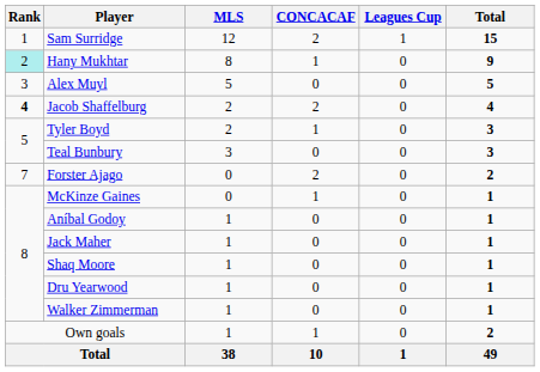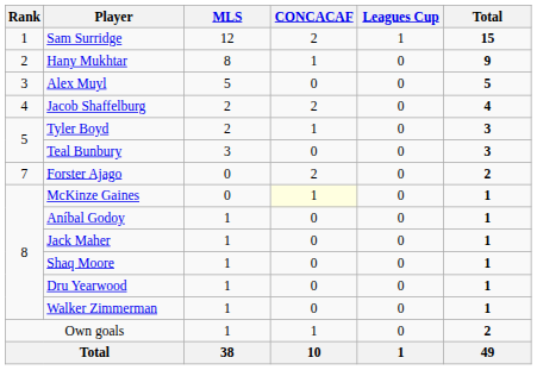 <table class="wikitable sortable nowrap" style="text-align:center; font-size:96%;">
 <tr>
 <th>Rank</th>
 <th width=150>Player</th>
 <th width=90><a href='#'>MLS</a></th>
 <th width=90><a href='#'>CONCACAF</a></th>
 <th width=90><a href='#'>Leagues Cup</a></th>
 <th width=90>Total</th>
 </tr>
 <tr>
 <td>1</td>
 <td style="text-align:left"> <a href='#'>Sam Surridge</a></td>
 <td>12</td>
 <td>2</td>
 <td>1</td>
 <td><strong>15</strong></td>
 </tr>
 <tr>
-<td style="background: paleturquoise;">2</td>
+<td>2</td>
 <td style="text-align:left"> <a href='#'>Hany Mukhtar</a></td>
 <td>8</td>
 <td>1</td>
 <td>0</td>
 <td><strong>9</strong></td>
 </tr>
 <tr>
 <td>3</td>
 <td style="text-align:left"> <a href='#'>Alex Muyl</a></td>
 <td>5</td>
 <td>0</td>
 <td>0</td>
 <td><strong>5</strong></td>
 </tr>
 <tr>
-<td><strong>4</strong></td>
+<td>4</td>
 <td style="text-align:left"> <a href='#'>Jacob Shaffelburg</a></td>
 <td>2</td>
 <td>2</td>
 <td>0</td>
 <td><strong>4</strong></td>
 </tr>
 <tr>
 <td rowspan="2">5</td>
 <td style="text-align:left"> <a href='#'>Tyler Boyd</a></td>
 <td>2</td>
 <td>1</td>
 <td>0</td>
 <td><strong>3</strong></td>
 </tr>
 <tr>
 <td style="text-align:left"> <a href='#'>Teal Bunbury</a></td>
 <td>3</td>
 <td>0</td>
 <td>0</td>
 <td><strong>3</strong></td>
 </tr>
 <tr>
 <td>7</td>
 <td style="text-align:left"> <a href='#'>Forster Ajago</a></td>
 <td>0</td>
 <td>2</td>
 <td>0</td>
 <td><strong>2</strong></td>
 </tr>
 <tr>
 <td rowspan="6">8</td>
 <td style="text-align:left"> <a href='#'>McKinze Gaines</a></td>
 <td>0</td>
-<td>1</td>
+<td style="background: lightyellow;">1</td>
 <td>0</td>
 <td><strong>1</strong></td>
 </tr>
 <tr>
 <td style="text-align:left"> <a href='#'>Aníbal Godoy</a></td>
 <td>1</td>
 <td>0</td>
 <td>0</td>
 <td><strong>1</strong></td>
 </tr>
 <tr>
 <td style="text-align:left"> <a href='#'>Jack Maher</a></td>
 <td>1</td>
 <td>0</td>
 <td>0</td>
 <td><strong>1</strong></td>
 </tr>
 <tr>
 <td style="text-align:left"> <a href='#'>Shaq Moore</a></td>
 <td>1</td>
 <td>0</td>
 <td>0</td>
 <td><strong>1</strong></td>
 </tr>
 <tr>
 <td style="text-align:left"> <a href='#'>Dru Yearwood</a></td>
 <td>1</td>
 <td>0</td>
 <td>0</td>
 <td><strong>1</strong></td>
 </tr>
 <tr>
 <td style="text-align:left"> <a href='#'>Walker Zimmerman</a></td>
 <td>1</td>
 <td>0</td>
 <td>0</td>
 <td><strong>1</strong></td>
 </tr>
 <tr class="sortbottom">
 <td colspan="2">Own goals</td>
 <td>1</td>
 <td>1</td>
 <td>0</td>
 <td><strong>2</strong></td>
 </tr>
 <tr>
 <th colspan="2">Total</th>
 <th>38</th>
 <th>10</th>
 <th>1</th>
 <th>49</th>
 </tr>
 </table>
